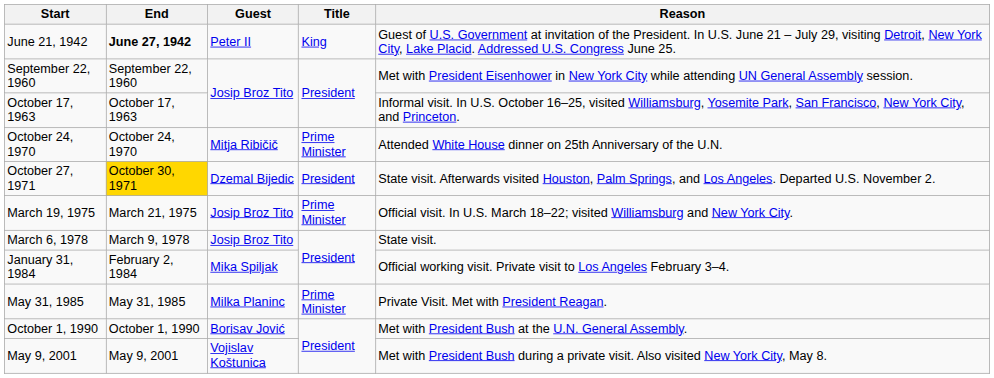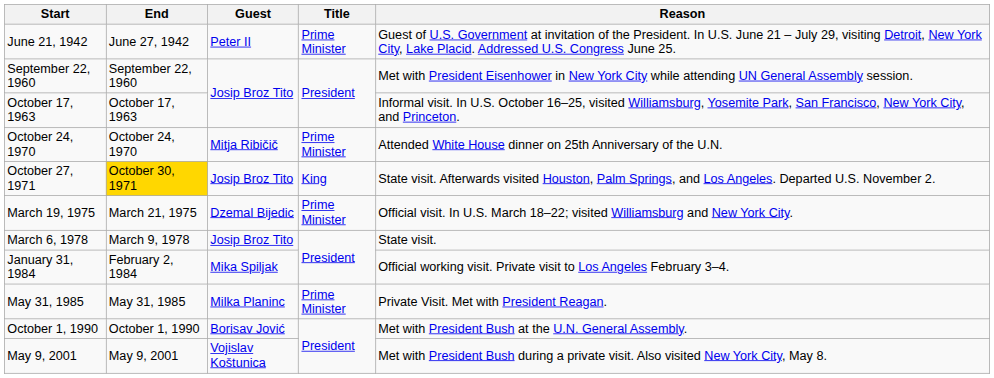 <table class="wikitable sortable">
 <tr>
 <th>Start</th>
 <th>End</th>
 <th>Guest</th>
 <th>Title</th>
 <th>Reason</th>
 </tr>
 <tr>
 <td>June 21, 1942</td>
-<td><strong>June 27, 1942</strong></td>
+<td>June 27, 1942</td>
 <td><a href='#'>Peter II</a></td>
-<td><a href='#'>King</a></td>
+<td><a href='#'>Prime Minister</a></td>
 <td>Guest of <a href='#'>U.S. Government</a> at invitation of the President. In U.S. June 21 – July 29, visiting <a href='#'>Detroit</a>, <a href='#'>New York City</a>, <a href='#'>Lake Placid</a>. <a href='#'>Addressed U.S. Congress</a> June 25.</td>
 </tr>
 <tr>
 <td>September 22, 1960</td>
 <td>September 22, 1960</td>
 <td rowspan=2><a href='#'>Josip Broz Tito</a></td>
 <td rowspan=2><a href='#'>President</a></td>
 <td>Met with <a href='#'>President Eisenhower</a> in <a href='#'>New York City</a> while attending <a href='#'>UN General Assembly</a> session.</td>
 </tr>
 <tr>
 <td>October 17, 1963</td>
 <td>October 17, 1963</td>
 <td>Informal visit. In U.S. October 16–25, visited <a href='#'>Williamsburg</a>, <a href='#'>Yosemite Park</a>, <a href='#'>San Francisco</a>, <a href='#'>New York City</a>, and <a href='#'>Princeton</a>.</td>
 </tr>
 <tr>
 <td>October 24, 1970</td>
 <td>October 24, 1970</td>
 <td><a href='#'>Mitja Ribičič</a></td>
 <td><a href='#'>Prime Minister</a></td>
 <td>Attended <a href='#'>White House</a> dinner on 25th Anniversary of the U.N.</td>
 </tr>
 <tr>
 <td>October 27, 1971</td>
 <td style="background: gold;">October 30, 1971</td>
-<td><a href='#'>Dzemal Bijedic</a></td>
-<td><a href='#'>President</a></td>
+<td><a href='#'>Josip Broz Tito</a></td>
+<td><a href='#'>King</a></td>
 <td>State visit. Afterwards visited <a href='#'>Houston</a>, <a href='#'>Palm Springs</a>, and <a href='#'>Los Angeles</a>. Departed U.S. November 2.</td>
 </tr>
 <tr>
 <td>March 19, 1975</td>
 <td>March 21, 1975</td>
-<td><a href='#'>Josip Broz Tito</a></td>
+<td><a href='#'>Dzemal Bijedic</a></td>
 <td><a href='#'>Prime Minister</a></td>
 <td>Official visit. In U.S. March 18–22; visited <a href='#'>Williamsburg</a> and <a href='#'>New York City</a>.</td>
 </tr>
 <tr>
 <td>March 6, 1978</td>
 <td>March 9, 1978</td>
 <td><a href='#'>Josip Broz Tito</a></td>
 <td rowspan=2><a href='#'>President</a></td>
 <td>State visit.</td>
 </tr>
 <tr>
 <td>January 31, 1984</td>
 <td>February 2, 1984</td>
 <td><a href='#'>Mika Spiljak</a></td>
 <td>Official working visit. Private visit to <a href='#'>Los Angeles</a> February 3–4.</td>
 </tr>
 <tr>
 <td>May 31, 1985</td>
 <td>May 31, 1985</td>
 <td><a href='#'>Milka Planinc</a></td>
 <td><a href='#'>Prime Minister</a></td>
 <td>Private Visit. Met with <a href='#'>President Reagan</a>.</td>
 </tr>
 <tr>
 <td>October 1, 1990</td>
 <td>October 1, 1990</td>
 <td><a href='#'>Borisav Jović</a></td>
 <td rowspan=2><a href='#'>President</a></td>
 <td>Met with <a href='#'>President Bush</a> at the <a href='#'>U.N. General Assembly</a>.</td>
 </tr>
 <tr>
 <td>May 9, 2001</td>
 <td>May 9, 2001</td>
 <td><a href='#'>Vojislav Koštunica</a></td>
 <td>Met with <a href='#'>President Bush</a> during a private visit. Also visited <a href='#'>New York City</a>, May 8.</td>
 </tr>
 </table>
